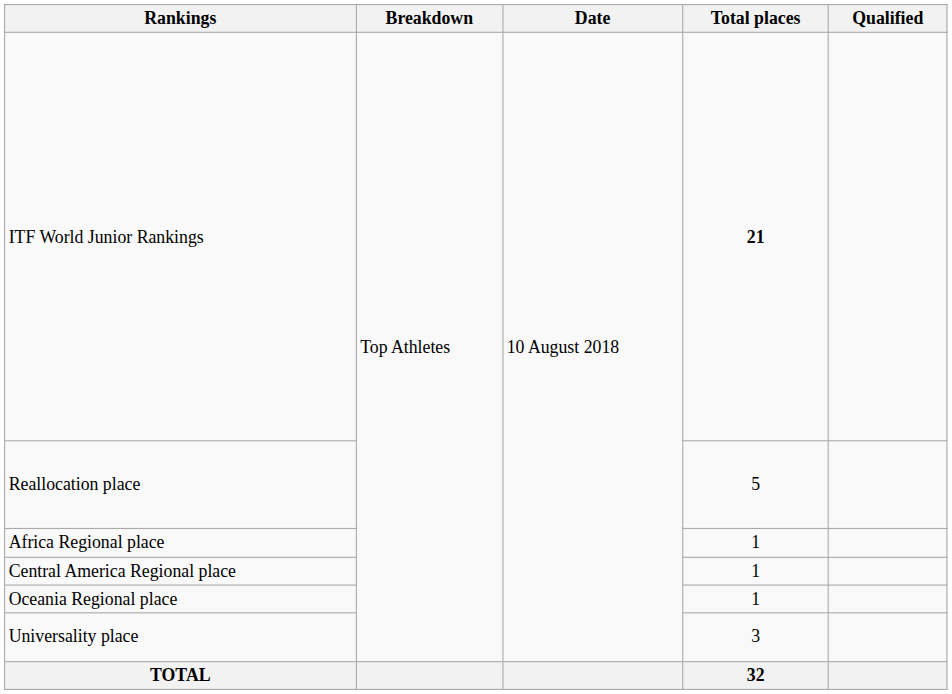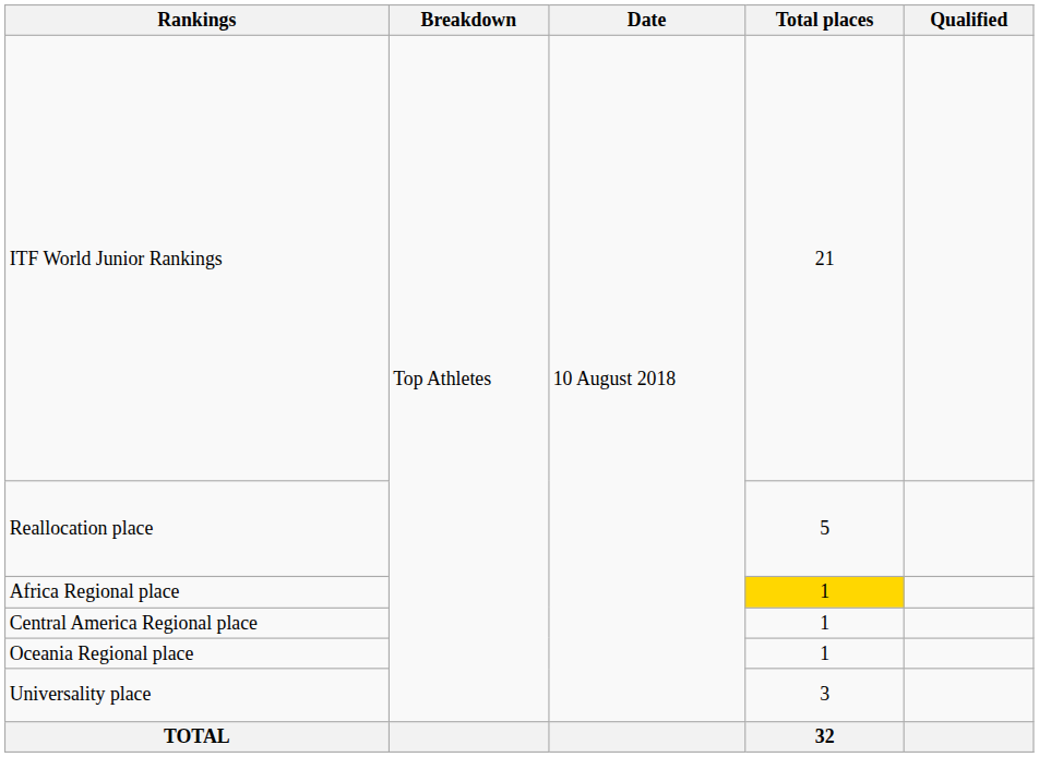 <table class="wikitable" width=850>
 <tr>
 <th>Rankings</th>
 <th>Breakdown</th>
 <th>Date</th>
 <th>Total places</th>
 <th>Qualified</th>
 </tr>
 <tr>
 <td>ITF World Junior Rankings</td>
 <td rowspan="6">Top Athletes</td>
 <td rowspan="6">10 August 2018</td>
-<td align="center"><strong>21</strong></td>
+<td align="center">21</td>
 <td><br><br><br><br><br><br><br><br><br><br><br><br><br><br><br><br><br><br><br><br></td>
 </tr>
 <tr>
 <td>Reallocation place</td>
 <td align="center">5</td>
 <td><br><br><br><br></td>
 </tr>
 <tr>
 <td>Africa Regional place</td>
-<td align="center">1</td>
+<td align="center" style="background: gold;">1</td>
 <td></td>
 </tr>
 <tr>
 <td>Central America Regional place</td>
 <td align="center">1</td>
 <td></td>
 </tr>
 <tr>
 <td>Oceania Regional place</td>
 <td align="center">1</td>
 <td></td>
 </tr>
 <tr>
 <td>Universality place</td>
 <td align="center">3</td>
 <td><br><br></td>
 </tr>
 <tr>
 <th>TOTAL</th>
 <th></th>
 <th></th>
 <th>32</th>
 <th></th>
 </tr>
 </table>
